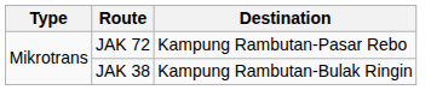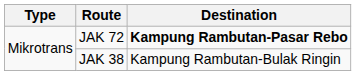 <table class="wikitable">
 <tr>
 <th>Type</th>
 <th>Route</th>
 <th>Destination</th>
 </tr>
 <tr>
 <td rowspan="2">Mikrotrans</td>
 <td>JAK 72</td>
-<td>Kampung Rambutan-Pasar Rebo</td>
+<td><strong>Kampung Rambutan-Pasar Rebo</strong></td>
 </tr>
 <tr>
 <td>JAK 38</td>
 <td>Kampung Rambutan-Bulak Ringin</td>
 </tr>
 </table>
